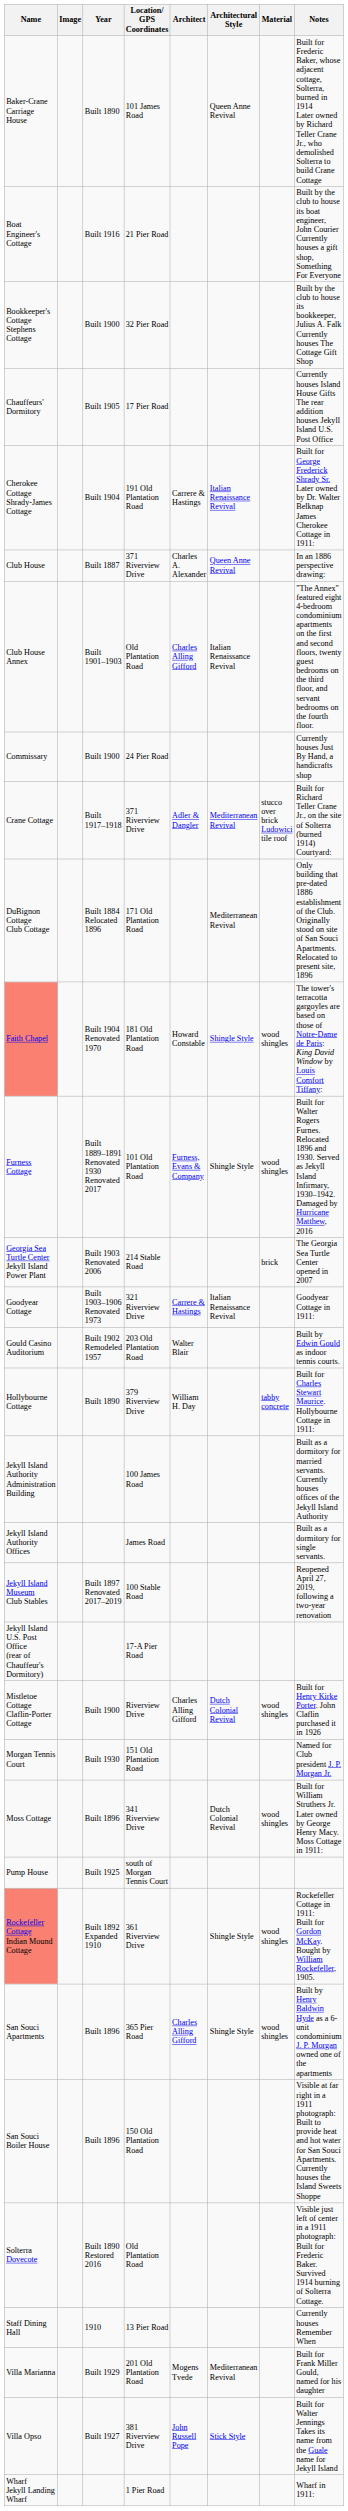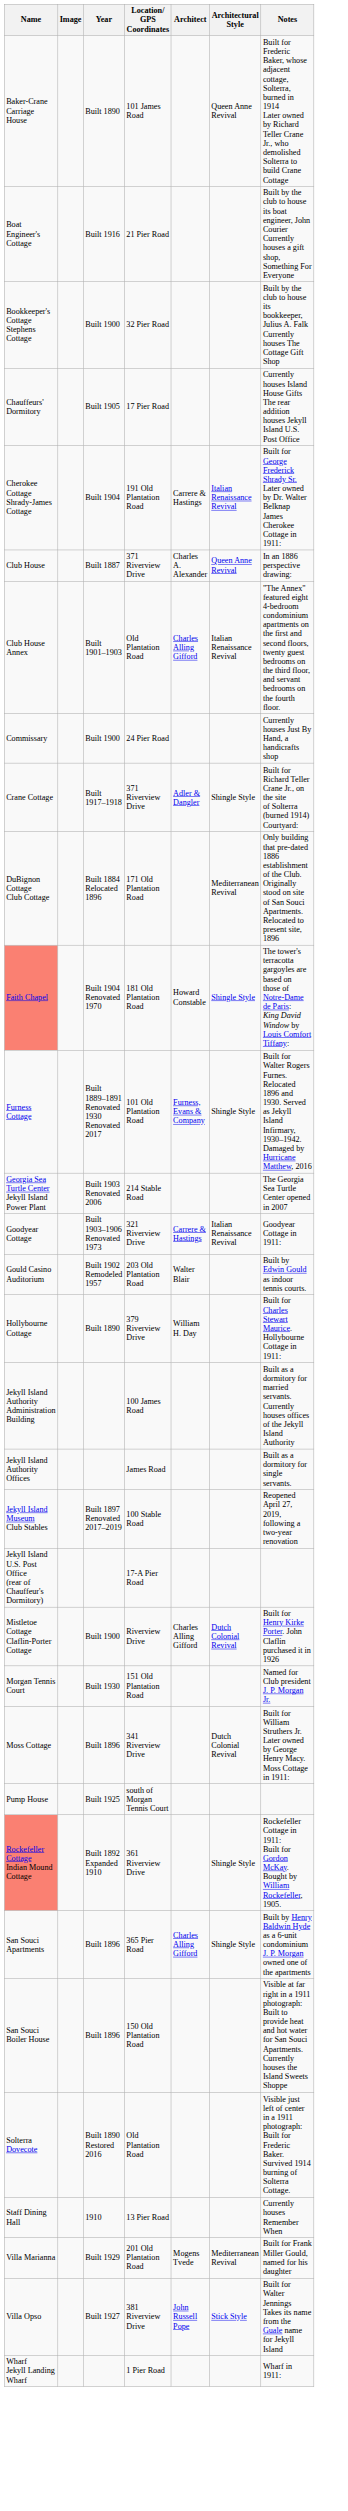 <table class="wikitable sortable">
 <tr>
 <th>Name</th>
 <th>Image</th>
 <th>Year</th>
 <th>Location/<br>GPS Coordinates</th>
 <th>Architect</th>
 <th>Architectural<br>Style</th>
-<th>Material</th>
 <th>Notes</th>
 </tr>
 <tr>
 <td>Baker-Crane Carriage House</td>
 <td></td>
 <td>Built 1890</td>
 <td>101 James Road</td>
 <td></td>
 <td>Queen Anne Revival</td>
-<td></td>
 <td>Built for Frederic Baker, whose adjacent cottage, Solterra,<br>burned in 1914<br>Later owned by Richard Teller Crane Jr., who demolished<br>Solterra to build Crane Cottage</td>
 </tr>
 <tr>
 <td>Boat Engineer's Cottage</td>
 <td></td>
 <td>Built 1916</td>
 <td>21 Pier Road</td>
-<td></td>
 <td></td>
 <td></td>
 <td>Built by the club to house its boat engineer, John Courier<br>Currently houses a gift shop, Something For Everyone</td>
 </tr>
 <tr>
 <td>Bookkeeper's Cottage<br>Stephens Cottage</td>
 <td></td>
 <td>Built 1900</td>
 <td>32 Pier Road<br><small></small></td>
 <td></td>
 <td></td>
-<td></td>
 <td>Built by the club to house its bookkeeper, Julius A. Falk<br>Currently houses The Cottage Gift Shop</td>
 </tr>
 <tr>
 <td>Chauffeurs' Dormitory</td>
 <td></td>
 <td>Built 1905</td>
 <td>17 Pier Road<br><small></small></td>
-<td></td>
 <td></td>
 <td></td>
 <td>Currently houses Island House Gifts<br>The rear addition houses Jekyll Island U.S. Post Office</td>
 </tr>
 <tr>
 <td>Cherokee Cottage<br>Shrady-James Cottage</td>
 <td></td>
 <td>Built 1904</td>
 <td>191 Old Plantation Road<br><small></small></td>
 <td>Carrere & Hastings</td>
 <td><a href='#'>Italian Renaissance Revival</a></td>
-<td></td>
 <td>Built for <a href='#'>George Frederick Shrady Sr.</a><br>Later owned by  Dr. Walter Belknap James<br>Cherokee Cottage in 1911: </td>
 </tr>
 <tr>
 <td>Club House</td>
 <td></td>
 <td>Built 1887</td>
 <td>371 Riverview Drive<br><small></small></td>
 <td>Charles A. Alexander</td>
 <td><a href='#'>Queen Anne Revival</a></td>
-<td></td>
 <td>In an 1886 perspective drawing: </td>
 </tr>
 <tr>
 <td>Club House Annex</td>
 <td></td>
 <td>Built 1901–1903</td>
 <td>Old Plantation Road<br><small></small></td>
 <td><a href='#'>Charles Alling Gifford</a></td>
 <td>Italian Renaissance Revival</td>
-<td></td>
 <td>"The Annex" featured eight 4-bedroom condominium apartments on the first and second floors, twenty guest bedrooms on the third floor, and servant bedrooms on the fourth floor.</td>
 </tr>
 <tr>
 <td>Commissary</td>
 <td></td>
 <td>Built 1900</td>
 <td>24 Pier Road<br><small></small></td>
-<td></td>
 <td></td>
 <td></td>
 <td>Currently houses Just By Hand, a handicrafts shop</td>
 </tr>
 <tr>
 <td>Crane Cottage</td>
 <td></td>
 <td>Built 1917–1918</td>
 <td>371 Riverview Drive<br><small></small></td>
 <td><a href='#'>Adler & Dangler</a></td>
-<td><a href='#'>Mediterranean Revival</a></td>
-<td>stucco over brick<br><a href='#'>Ludowici</a> tile roof</td>
+<td>Shingle Style</td>
 <td>Built for Richard Teller Crane Jr., on the site<br>of Solterra (burned 1914)<br>Courtyard: </td>
 </tr>
 <tr>
 <td>DuBignon Cottage<br>Club Cottage</td>
 <td></td>
 <td>Built 1884<br>Relocated 1896</td>
 <td>171 Old Plantation Road<br><small></small></td>
 <td></td>
 <td>Mediterranean Revival</td>
-<td></td>
 <td>Only building that pre-dated 1886 establishment of the Club. Originally stood on site of San Souci Apartments. Relocated to present site, 1896</td>
 </tr>
 <tr>
 <td colspan="1" style="background:#FA8072"><a href='#'>Faith Chapel</a></td>
 <td><br><br></td>
 <td>Built 1904<br>Renovated 1970</td>
 <td>181 Old Plantation Road<br><small></small></td>
 <td>Howard Constable</td>
 <td><a href='#'>Shingle Style</a></td>
-<td>wood shingles</td>
 <td>The tower's terracotta gargoyles are based on<br>those of <a href='#'>Notre-Dame de Paris</a>: <br><em>King David Window</em> by <a href='#'>Louis Comfort Tiffany</a>: </td>
 </tr>
 <tr>
 <td><a href='#'>Furness Cottage</a></td>
 <td></td>
 <td>Built 1889–1891<br>Renovated 1930<br>Renovated 2017</td>
 <td>101 Old Plantation Road<br><small></small></td>
 <td><a href='#'>Furness, Evans & Company</a></td>
 <td>Shingle Style</td>
-<td>wood shingles</td>
 <td>Built for Walter Rogers Furnes. Relocated 1896 and 1930. Served as Jekyll Island Infirmary, 1930–1942. Damaged by <a href='#'>Hurricane Matthew</a>, 2016</td>
 </tr>
 <tr>
 <td><a href='#'>Georgia Sea Turtle Center</a><br>Jekyll Island Power Plant</td>
 <td></td>
 <td>Built 1903<br>Renovated 2006</td>
 <td>214 Stable Road<br><small></small></td>
 <td></td>
 <td></td>
-<td>brick</td>
 <td>The Georgia Sea Turtle Center opened in 2007</td>
 </tr>
 <tr>
 <td>Goodyear Cottage</td>
 <td></td>
 <td>Built 1903–1906<br>Renovated 1973</td>
 <td>321 Riverview Drive<br><small></small></td>
 <td><a href='#'>Carrere & Hastings</a></td>
 <td>Italian Renaissance Revival</td>
-<td></td>
 <td>Goodyear Cottage in 1911: </td>
 </tr>
 <tr>
 <td>Gould Casino Auditorium</td>
 <td></td>
 <td>Built 1902<br>Remodeled 1957</td>
 <td>203 Old Plantation Road<br><small></small></td>
 <td>Walter Blair</td>
-<td></td>
 <td></td>
 <td>Built by <a href='#'>Edwin Gould</a> as indoor tennis courts.</td>
 </tr>
 <tr>
 <td>Hollybourne Cottage</td>
 <td></td>
 <td>Built 1890</td>
 <td>379 Riverview Drive<br><small></small></td>
 <td>William H. Day</td>
 <td></td>
-<td><a href='#'>tabby concrete</a></td>
 <td>Built for <a href='#'>Charles Stewart Maurice</a>. Hollybourne Cottage in 1911: </td>
 </tr>
 <tr>
 <td>Jekyll Island Authority<br>Administration Building</td>
 <td></td>
 <td></td>
 <td>100 James Road</td>
-<td></td>
 <td></td>
 <td></td>
 <td>Built as a dormitory for married servants. Currently houses offices of the Jekyll Island Authority</td>
 </tr>
 <tr>
 <td>Jekyll Island Authority Offices</td>
 <td></td>
 <td></td>
 <td>James Road<br><small></small></td>
 <td></td>
 <td></td>
-<td></td>
 <td>Built as a dormitory for single servants.</td>
 </tr>
 <tr>
 <td><a href='#'>Jekyll Island Museum</a><br>Club Stables</td>
 <td></td>
 <td>Built 1897<br>Renovated 2017–2019</td>
 <td>100 Stable Road<br><small></small></td>
-<td></td>
 <td></td>
 <td></td>
 <td>Reopened April 27, 2019, following a two-year renovation</td>
 </tr>
 <tr>
 <td>Jekyll Island U.S. Post Office<br>(rear of Chauffeur's Dormitory)</td>
 <td></td>
 <td></td>
 <td>17-A Pier Road<br><small></small></td>
 <td></td>
 <td></td>
 <td></td>
-<td></td>
 </tr>
 <tr>
 <td>Mistletoe Cottage<br>Claflin-Porter Cottage</td>
 <td></td>
 <td>Built 1900</td>
 <td>Riverview Drive<br><small></small></td>
 <td>Charles Alling Gifford</td>
 <td><a href='#'>Dutch Colonial Revival</a></td>
-<td>wood shingles</td>
 <td>Built for <a href='#'>Henry Kirke Porter</a>. John Claflin purchased it in 1926</td>
 </tr>
 <tr>
 <td>Morgan Tennis Court</td>
 <td></td>
 <td>Built 1930</td>
 <td>151 Old Plantation Road<br><small></small></td>
-<td></td>
 <td></td>
 <td></td>
 <td>Named for Club president <a href='#'>J. P. Morgan Jr.</a></td>
 </tr>
 <tr>
 <td>Moss Cottage</td>
 <td></td>
 <td>Built 1896</td>
 <td>341 Riverview Drive<br><small></small></td>
 <td></td>
 <td>Dutch Colonial Revival</td>
-<td>wood shingles</td>
 <td>Built for William Struthers Jr. Later owned by George Henry Macy. Moss Cottage in 1911: </td>
 </tr>
 <tr>
 <td>Pump House</td>
 <td></td>
 <td>Built 1925</td>
 <td>south of Morgan Tennis Court</td>
-<td></td>
 <td></td>
 <td></td>
 <td></td>
 </tr>
 <tr>
 <td colspan="1" style="background:#FA8072"><a href='#'>Rockefeller Cottage</a><br>Indian Mound Cottage</td>
 <td></td>
 <td>Built 1892<br>Expanded 1910</td>
 <td>361 Riverview Drive<br><small></small></td>
 <td></td>
 <td>Shingle Style</td>
-<td>wood shingles</td>
 <td>Rockefeller Cottage in 1911: <br>Built for <a href='#'>Gordon McKay</a>. Bought by <a href='#'>William Rockefeller</a>, 1905.</td>
 </tr>
 <tr>
 <td>San Souci Apartments</td>
 <td></td>
 <td>Built 1896</td>
 <td>365 Pier Road<br><small></small></td>
 <td><a href='#'>Charles Alling Gifford</a></td>
 <td>Shingle Style</td>
-<td>wood shingles</td>
 <td>Built by <a href='#'>Henry Baldwin Hyde</a> as a 6-unit condominium<br><a href='#'>J. P. Morgan</a> owned one of the apartments</td>
 </tr>
 <tr>
 <td>San Souci Boiler House</td>
 <td></td>
 <td>Built 1896</td>
 <td>150 Old Plantation Road<br><small></small></td>
-<td></td>
 <td></td>
 <td></td>
 <td>Visible at far right in a 1911 photograph: <br>Built to provide heat and hot water for San Souci Apartments. Currently houses the Island Sweets Shoppe</td>
 </tr>
 <tr>
 <td>Solterra <a href='#'>Dovecote</a></td>
 <td></td>
 <td>Built 1890<br>Restored 2016</td>
 <td>Old Plantation Road</td>
 <td></td>
 <td></td>
-<td></td>
 <td>Visible just left of center in a 1911 photograph: <br>Built for Frederic Baker. Survived 1914 burning of Solterra Cottage.</td>
 </tr>
 <tr>
 <td>Staff Dining Hall</td>
 <td></td>
 <td>1910</td>
 <td>13 Pier Road<br><small></small></td>
-<td></td>
 <td></td>
 <td></td>
 <td>Currently houses Remember When</td>
 </tr>
 <tr>
 <td>Villa Marianna</td>
 <td></td>
 <td>Built 1929</td>
 <td>201 Old Plantation Road<br><small></small></td>
 <td>Mogens Tvede</td>
 <td>Mediterranean Revival</td>
-<td></td>
 <td>Built for Frank Miller Gould, named for his daughter</td>
 </tr>
 <tr>
 <td>Villa Opso</td>
 <td></td>
 <td>Built 1927</td>
 <td>381 Riverview Drive<br><small></small></td>
 <td><a href='#'>John Russell Pope</a></td>
 <td><a href='#'>Stick Style</a></td>
-<td></td>
 <td>Built for Walter Jennings<br>Takes its name from the <a href='#'>Guale</a> name for Jekyll Island</td>
 </tr>
 <tr>
 <td>Wharf<br>Jekyll Landing Wharf</td>
 <td></td>
 <td></td>
 <td>1 Pier Road<br><small></small></td>
 <td></td>
 <td></td>
-<td></td>
 <td>Wharf in 1911: </td>
 </tr>
 </table>
